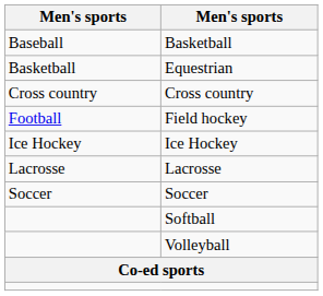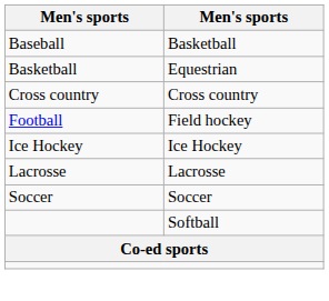 <table class="wikitable"; style= "text-align: ">
 <tr>
 <th width=150px>Men's sports</th>
 <th width=150px>Men's sports</th>
 </tr>
 <tr>
 <td>Baseball</td>
 <td>Basketball</td>
 </tr>
 <tr>
 <td>Basketball</td>
 <td>Equestrian</td>
 </tr>
 <tr>
 <td>Cross country</td>
 <td>Cross country</td>
 </tr>
 <tr>
 <td><a href='#'>Football</a></td>
 <td>Field hockey</td>
 </tr>
 <tr>
 <td>Ice Hockey</td>
 <td>Ice Hockey</td>
 </tr>
 <tr>
 <td>Lacrosse</td>
 <td>Lacrosse</td>
 </tr>
 <tr>
 <td>Soccer</td>
 <td>Soccer</td>
 </tr>
 <tr>
 <td></td>
 <td>Softball</td>
 </tr>
 <tr>
-<td></td>
-<td>Volleyball</td>
-</tr>
-<tr>
 <th colspan="2">Co-ed sports</th>
 </tr>
 <tr>
 <td colspan="2"></td>
 </tr>
 </table>
